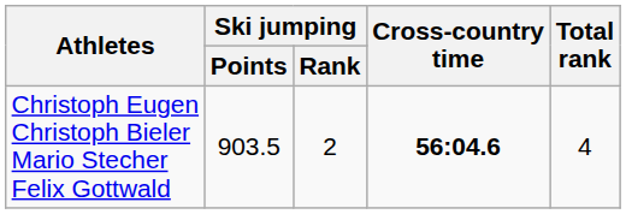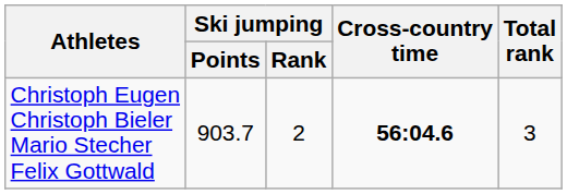 <table class="wikitable" border="1" style="font-size:90%">
 <tr>
 <th rowspan="2">Athletes</th>
 <th colspan="2">Ski jumping</th>
 <th rowspan="2">Cross-country <br> time</th>
 <th rowspan="2">Total <br> rank</th>
 </tr>
 <tr>
 <th>Points</th>
 <th>Rank</th>
 </tr>
 <tr>
 <td><a href='#'>Christoph Eugen</a><br><a href='#'>Christoph Bieler</a><br><a href='#'>Mario Stecher</a><br><a href='#'>Felix Gottwald</a></td>
-<td align=center>903.5</td>
+<td align=center>903.7</td>
 <td align=center>2</td>
 <td align=center><strong>56:04.6</strong></td>
-<td align=center>4</td>
+<td align=center>3</td>
 </tr>
 </table>
